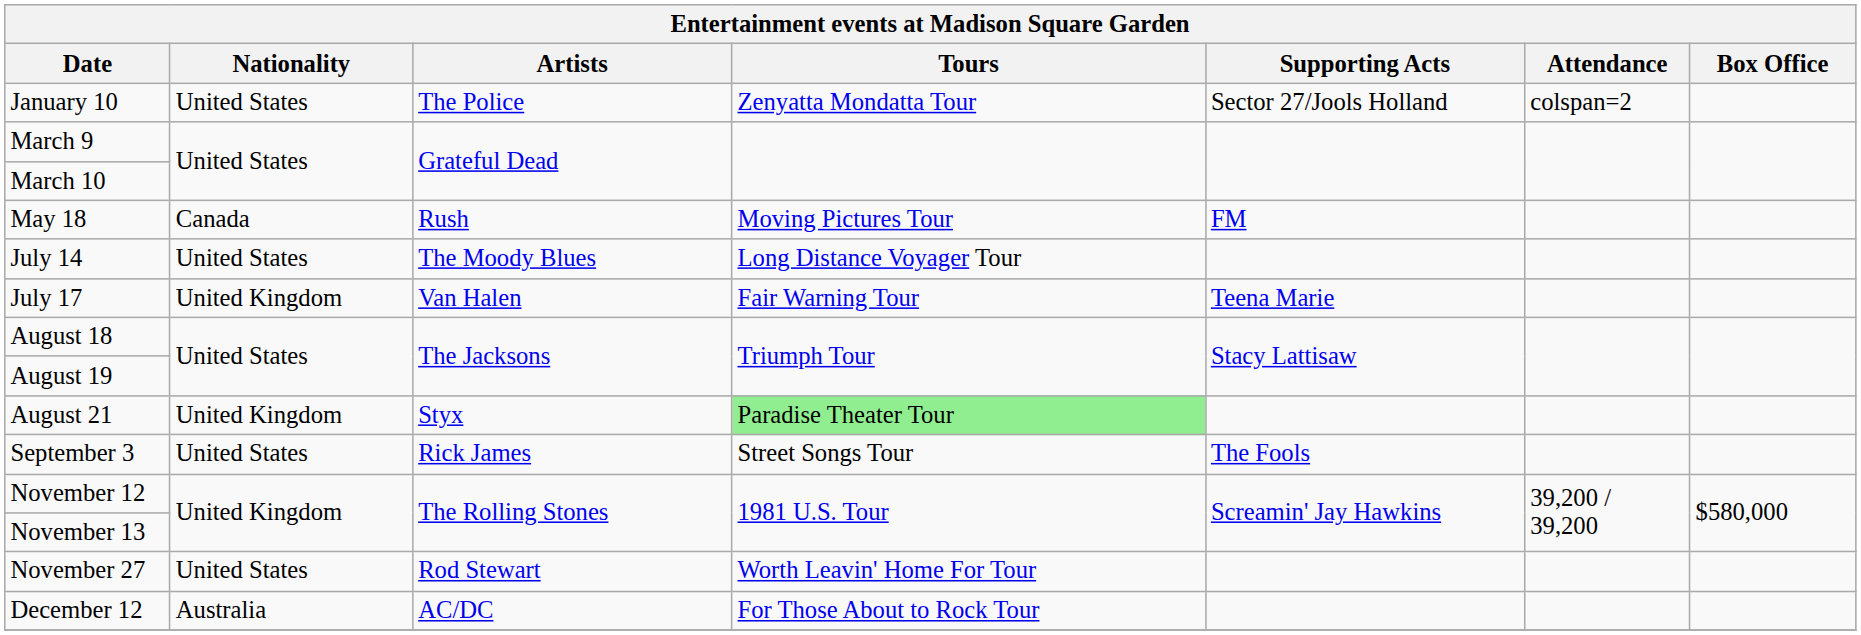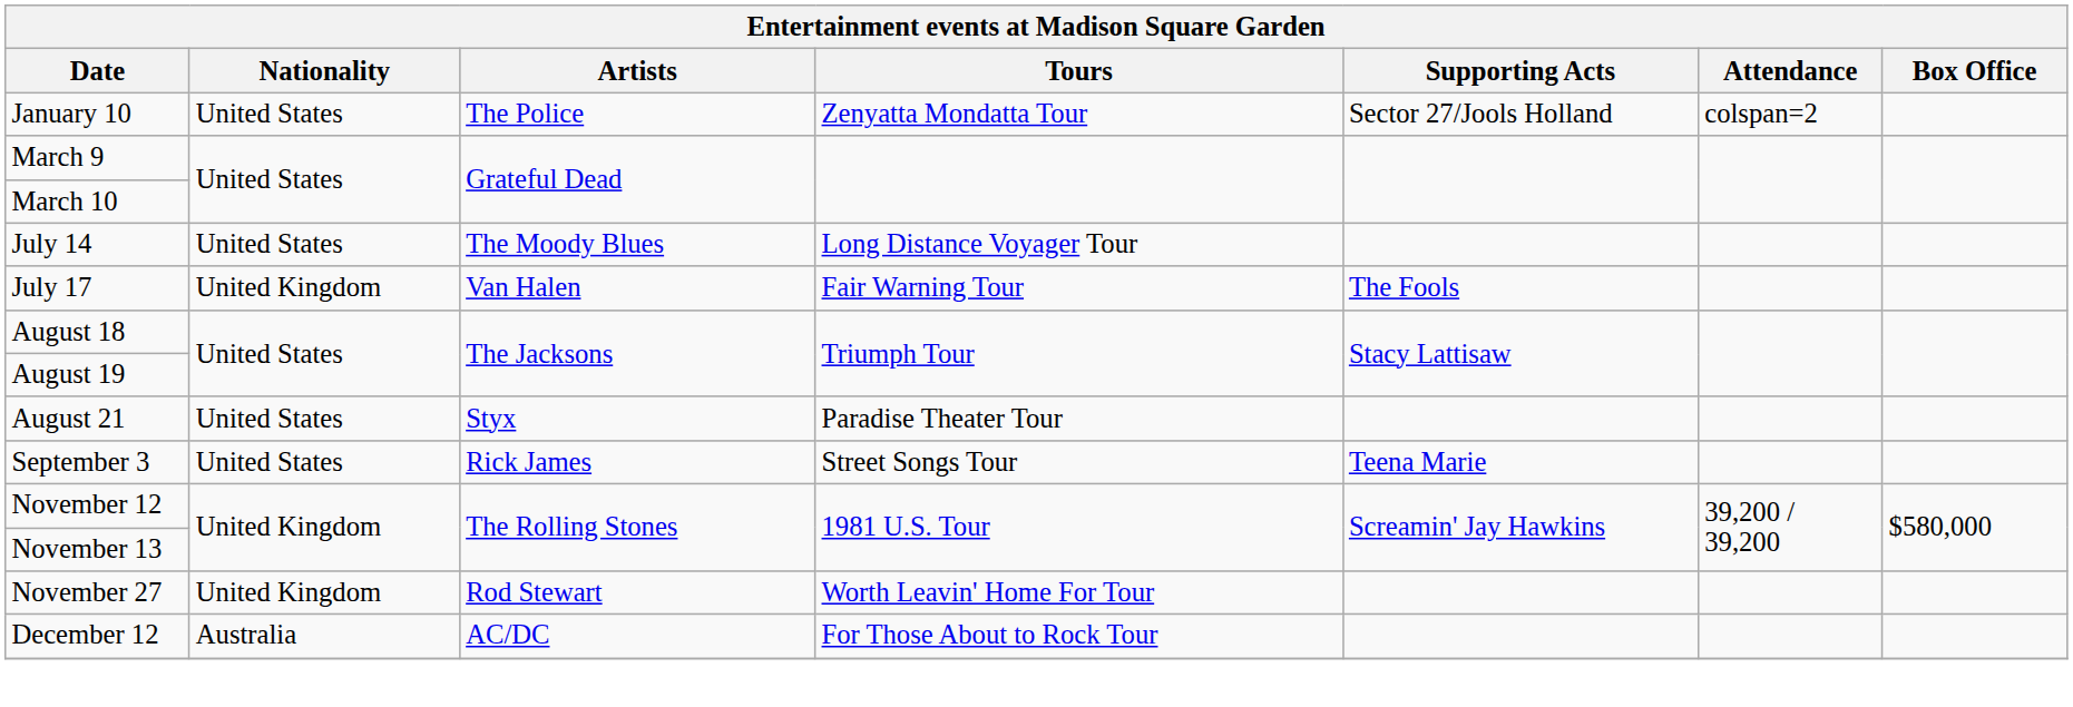 <table class="wikitable">
 <tr>
 <th colspan="7">Entertainment events at Madison Square Garden</th>
 </tr>
 <tr>
 <th width=100>Date</th>
 <th width=150>Nationality</th>
 <th width=200>Artists</th>
 <th width=300>Tours</th>
 <th width=200>Supporting Acts</th>
 <th width=100>Attendance</th>
 <th width=100>Box Office</th>
 </tr>
 <tr>
 <td>January 10</td>
 <td>United States</td>
 <td><a href='#'>The Police</a></td>
 <td><a href='#'>Zenyatta Mondatta Tour</a></td>
 <td>Sector 27/Jools Holland</td>
 <td>colspan=2 </td>
 </tr>
 <tr>
 <td>March 9</td>
 <td rowspan=2>United States</td>
 <td rowspan=2><a href='#'>Grateful Dead</a></td>
 <td rowspan=2></td>
 <td rowspan=2></td>
 <td rowspan=2></td>
 <td rowspan=2></td>
 </tr>
 <tr>
 <td>March 10</td>
 </tr>
 <tr>
-<td>May 18</td>
-<td>Canada</td>
-<td><a href='#'>Rush</a></td>
-<td><a href='#'>Moving Pictures Tour</a></td>
-<td><a href='#'>FM</a></td>
-<td></td>
-<td></td>
-</tr>
-<tr>
 <td>July 14</td>
 <td>United States</td>
 <td><a href='#'>The Moody Blues</a></td>
 <td><a href='#'>Long Distance Voyager</a> Tour</td>
 <td></td>
 <td></td>
 <td></td>
 </tr>
 <tr>
 <td>July 17</td>
 <td>United Kingdom</td>
 <td><a href='#'>Van Halen</a></td>
 <td><a href='#'>Fair Warning Tour</a></td>
-<td><a href='#'>Teena Marie</a></td>
+<td><a href='#'>The Fools</a></td>
 <td></td>
 <td></td>
 </tr>
 <tr>
 <td>August 18</td>
 <td rowspan=2>United States</td>
 <td rowspan=2><a href='#'>The Jacksons</a></td>
 <td rowspan=2><a href='#'>Triumph Tour</a></td>
 <td rowspan=2><a href='#'>Stacy Lattisaw</a></td>
 <td rowspan=2></td>
 <td rowspan=2></td>
 </tr>
 <tr>
 <td>August 19</td>
 </tr>
 <tr>
 <td>August 21</td>
-<td>United Kingdom</td>
+<td>United States</td>
 <td><a href='#'>Styx</a></td>
-<td style="background: lightgreen;">Paradise Theater Tour</td>
+<td>Paradise Theater Tour</td>
 <td></td>
 <td></td>
 <td></td>
 </tr>
 <tr>
 <td>September 3</td>
 <td>United States</td>
 <td><a href='#'>Rick James</a></td>
 <td>Street Songs Tour</td>
-<td><a href='#'>The Fools</a></td>
+<td><a href='#'>Teena Marie</a></td>
 <td></td>
 <td></td>
 </tr>
 <tr>
 <td>November 12</td>
 <td rowspan=2>United Kingdom</td>
 <td rowspan=2><a href='#'>The Rolling Stones</a></td>
 <td rowspan=2><a href='#'>1981 U.S. Tour</a></td>
 <td rowspan=2><a href='#'>Screamin' Jay Hawkins</a></td>
 <td rowspan=2>39,200 / 39,200</td>
 <td rowspan=2>$580,000</td>
 </tr>
 <tr>
 <td>November 13</td>
 </tr>
 <tr>
 <td>November 27</td>
-<td>United States</td>
+<td>United Kingdom</td>
 <td><a href='#'>Rod Stewart</a></td>
 <td><a href='#'>Worth Leavin' Home For Tour</a></td>
 <td></td>
 <td></td>
 <td></td>
 </tr>
 <tr>
 <td>December 12</td>
 <td>Australia</td>
 <td><a href='#'>AC/DC</a></td>
 <td><a href='#'>For Those About to Rock Tour</a></td>
 <td></td>
 <td></td>
 <td></td>
 </tr>
 <tr>
 </tr>
 </table>
